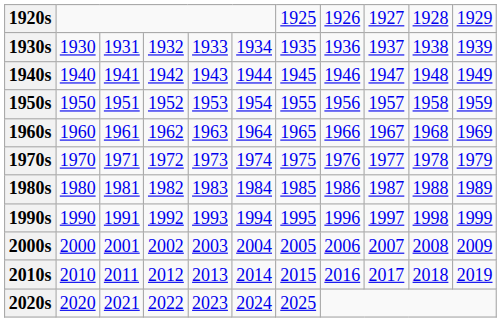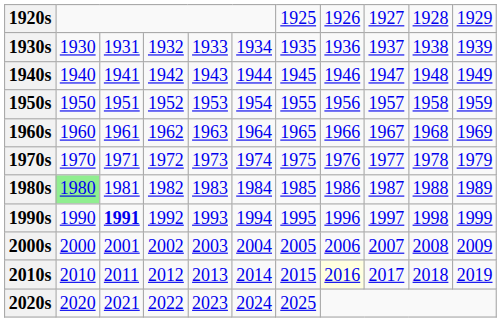 <table class="wikitable">
 <tr>
 <th>1920s</th>
 <td colspan=5></td>
 <td><a href='#'>1925</a></td>
 <td><a href='#'>1926</a></td>
 <td><a href='#'>1927</a></td>
 <td><a href='#'>1928</a></td>
 <td><a href='#'>1929</a></td>
 </tr>
 <tr>
 <th>1930s</th>
 <td><a href='#'>1930</a></td>
 <td><a href='#'>1931</a></td>
 <td><a href='#'>1932</a></td>
 <td><a href='#'>1933</a></td>
 <td><a href='#'>1934</a></td>
 <td><a href='#'>1935</a></td>
 <td><a href='#'>1936</a></td>
 <td><a href='#'>1937</a></td>
 <td><a href='#'>1938</a></td>
 <td><a href='#'>1939</a></td>
 </tr>
 <tr>
 <th>1940s</th>
 <td><a href='#'>1940</a></td>
 <td><a href='#'>1941</a></td>
 <td><a href='#'>1942</a></td>
 <td><a href='#'>1943</a></td>
 <td><a href='#'>1944</a></td>
 <td><a href='#'>1945</a></td>
 <td><a href='#'>1946</a></td>
 <td><a href='#'>1947</a></td>
 <td><a href='#'>1948</a></td>
 <td><a href='#'>1949</a></td>
 </tr>
 <tr>
 <th>1950s</th>
 <td><a href='#'>1950</a></td>
 <td><a href='#'>1951</a></td>
 <td><a href='#'>1952</a></td>
 <td><a href='#'>1953</a></td>
 <td><a href='#'>1954</a></td>
 <td><a href='#'>1955</a></td>
 <td><a href='#'>1956</a></td>
 <td><a href='#'>1957</a></td>
 <td><a href='#'>1958</a></td>
 <td><a href='#'>1959</a></td>
 </tr>
 <tr>
 <th>1960s</th>
 <td><a href='#'>1960</a></td>
 <td><a href='#'>1961</a></td>
 <td><a href='#'>1962</a></td>
 <td><a href='#'>1963</a></td>
 <td><a href='#'>1964</a></td>
 <td><a href='#'>1965</a></td>
 <td><a href='#'>1966</a></td>
 <td><a href='#'>1967</a></td>
 <td><a href='#'>1968</a></td>
 <td><a href='#'>1969</a></td>
 </tr>
 <tr>
 <th>1970s</th>
 <td><a href='#'>1970</a></td>
 <td><a href='#'>1971</a></td>
 <td><a href='#'>1972</a></td>
 <td><a href='#'>1973</a></td>
 <td><a href='#'>1974</a></td>
 <td><a href='#'>1975</a></td>
 <td><a href='#'>1976</a></td>
 <td><a href='#'>1977</a></td>
 <td><a href='#'>1978</a></td>
 <td><a href='#'>1979</a></td>
 </tr>
 <tr>
 <th>1980s</th>
-<td><a href='#'>1980</a></td>
+<td style="background: lightgreen;"><a href='#'>1980</a></td>
 <td><a href='#'>1981</a></td>
 <td><a href='#'>1982</a></td>
 <td><a href='#'>1983</a></td>
 <td><a href='#'>1984</a></td>
 <td><a href='#'>1985</a></td>
 <td><a href='#'>1986</a></td>
 <td><a href='#'>1987</a></td>
 <td><a href='#'>1988</a></td>
 <td><a href='#'>1989</a></td>
 </tr>
 <tr>
 <th>1990s</th>
 <td><a href='#'>1990</a></td>
-<td><a href='#'>1991</a></td>
+<td><strong><a href='#'>1991</a></strong></td>
 <td><a href='#'>1992</a></td>
 <td><a href='#'>1993</a></td>
 <td><a href='#'>1994</a></td>
 <td><a href='#'>1995</a></td>
 <td><a href='#'>1996</a></td>
 <td><a href='#'>1997</a></td>
 <td><a href='#'>1998</a></td>
 <td><a href='#'>1999</a></td>
 </tr>
 <tr>
 <th>2000s</th>
 <td><a href='#'>2000</a></td>
 <td><a href='#'>2001</a></td>
 <td><a href='#'>2002</a></td>
 <td><a href='#'>2003</a></td>
 <td><a href='#'>2004</a></td>
 <td><a href='#'>2005</a></td>
 <td><a href='#'>2006</a></td>
 <td><a href='#'>2007</a></td>
 <td><a href='#'>2008</a></td>
 <td><a href='#'>2009</a></td>
 </tr>
 <tr>
 <th>2010s</th>
 <td><a href='#'>2010</a></td>
 <td><a href='#'>2011</a></td>
 <td><a href='#'>2012</a></td>
 <td><a href='#'>2013</a></td>
 <td><a href='#'>2014</a></td>
 <td><a href='#'>2015</a></td>
-<td><a href='#'>2016</a></td>
+<td style="background: lightyellow;"><a href='#'>2016</a></td>
 <td><a href='#'>2017</a></td>
 <td><a href='#'>2018</a></td>
 <td><a href='#'>2019</a></td>
 </tr>
 <tr>
 <th>2020s</th>
 <td><a href='#'>2020</a></td>
 <td><a href='#'>2021</a></td>
 <td><a href='#'>2022</a></td>
 <td><a href='#'>2023</a></td>
 <td><a href='#'>2024</a></td>
 <td><a href='#'>2025</a></td>
 </tr>
 </table>
